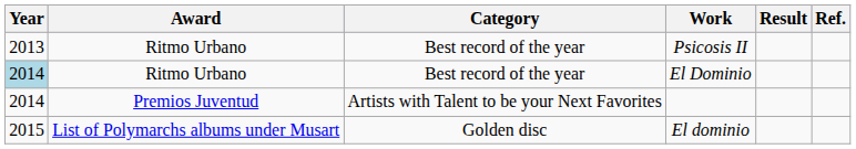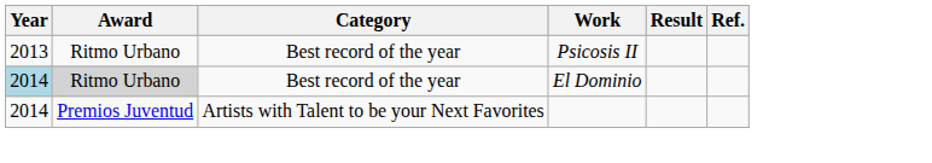 <table class="wikitable plainrowheaders" style="text-align:center;">
 <tr style="background:#96c;">
 <th scope="col">Year</th>
 <th scope="col">Award</th>
 <th scope="col">Category</th>
 <th scope="col">Work</th>
 <th scope="col">Result</th>
 <th scope="col">Ref.</th>
 </tr>
 <tr>
 <td>2013</td>
 <td rowspan="1" scope="row">Ritmo Urbano</td>
 <td>Best record of the year</td>
 <td><em>Psicosis II</em></td>
 <td></td>
 <td rowspan="1" scope="row"></td>
 </tr>
 <tr>
 <td style="background: lightblue;">2014</td>
-<td rowspan="1" scope="row">Ritmo Urbano</td>
+<td rowspan="1" scope="row" style="background: lightgrey;">Ritmo Urbano</td>
 <td>Best record of the year</td>
 <td><em>El Dominio</em></td>
 <td></td>
 <td rowspan="1" scope="row"></td>
 </tr>
 <tr>
 <td>2014</td>
 <td rowspan="1" scope="row"><a href='#'>Premios Juventud</a></td>
 <td>Artists with Talent to be your Next Favorites</td>
 <td></td>
 <td></td>
 <td rowspan="1" scope="row"></td>
 </tr>
-<tr>
-<td>2015</td>
-<td rowspan="1" scope="row"><a href='#'>List of Polymarchs albums under Musart</a></td>
-<td>Golden disc</td>
-<td><em>El dominio</em></td>
-<td></td>
-<td rowspan="1" scope="row"></td>
-</tr>
 </table>
